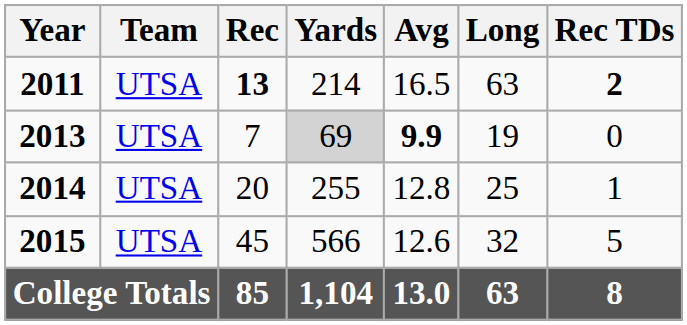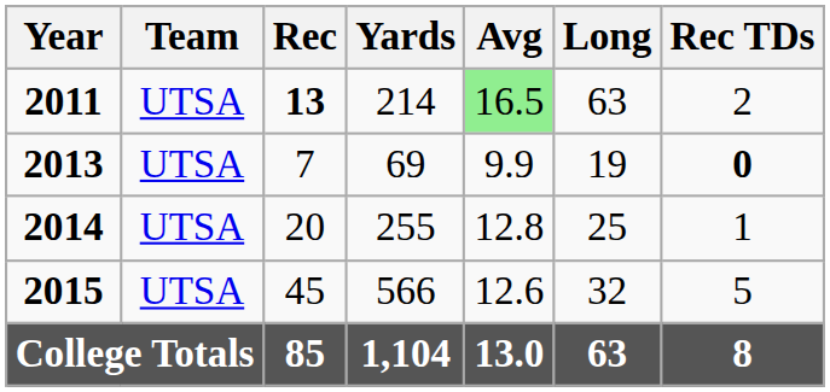 <table class="wikitable" style="text-align:center;">
 <tr>
 <th>Year</th>
 <th>Team</th>
 <th>Rec</th>
 <th>Yards</th>
 <th>Avg</th>
 <th>Long</th>
 <th>Rec TDs</th>
 </tr>
 <tr>
 <td><strong>2011</strong></td>
 <td><a href='#'>UTSA</a></td>
 <td><strong>13</strong></td>
 <td>214</td>
-<td>16.5</td>
+<td style="background: lightgreen;">16.5</td>
 <td>63</td>
-<td><strong>2</strong></td>
+<td>2</td>
 </tr>
 <tr>
 <td><strong>2013</strong></td>
 <td><a href='#'>UTSA</a></td>
 <td>7</td>
-<td style="background: lightgrey;">69</td>
-<td><strong>9.9</strong></td>
+<td>69</td>
+<td>9.9</td>
 <td>19</td>
-<td>0</td>
+<td><strong>0</strong></td>
 </tr>
 <tr>
 <td><strong>2014</strong></td>
 <td><a href='#'>UTSA</a></td>
 <td>20</td>
 <td>255</td>
 <td>12.8</td>
 <td>25</td>
 <td>1</td>
 </tr>
 <tr>
 <td><strong>2015</strong></td>
 <td><a href='#'>UTSA</a></td>
 <td>45</td>
 <td>566</td>
 <td>12.6</td>
 <td>32</td>
 <td>5</td>
 </tr>
 <tr style="background:#555; font-weight:bold; color:white;">
 <td colspan=2>College Totals</td>
 <td>85</td>
 <td>1,104</td>
 <td>13.0</td>
 <td>63</td>
 <td>8</td>
 </tr>
 </table>
